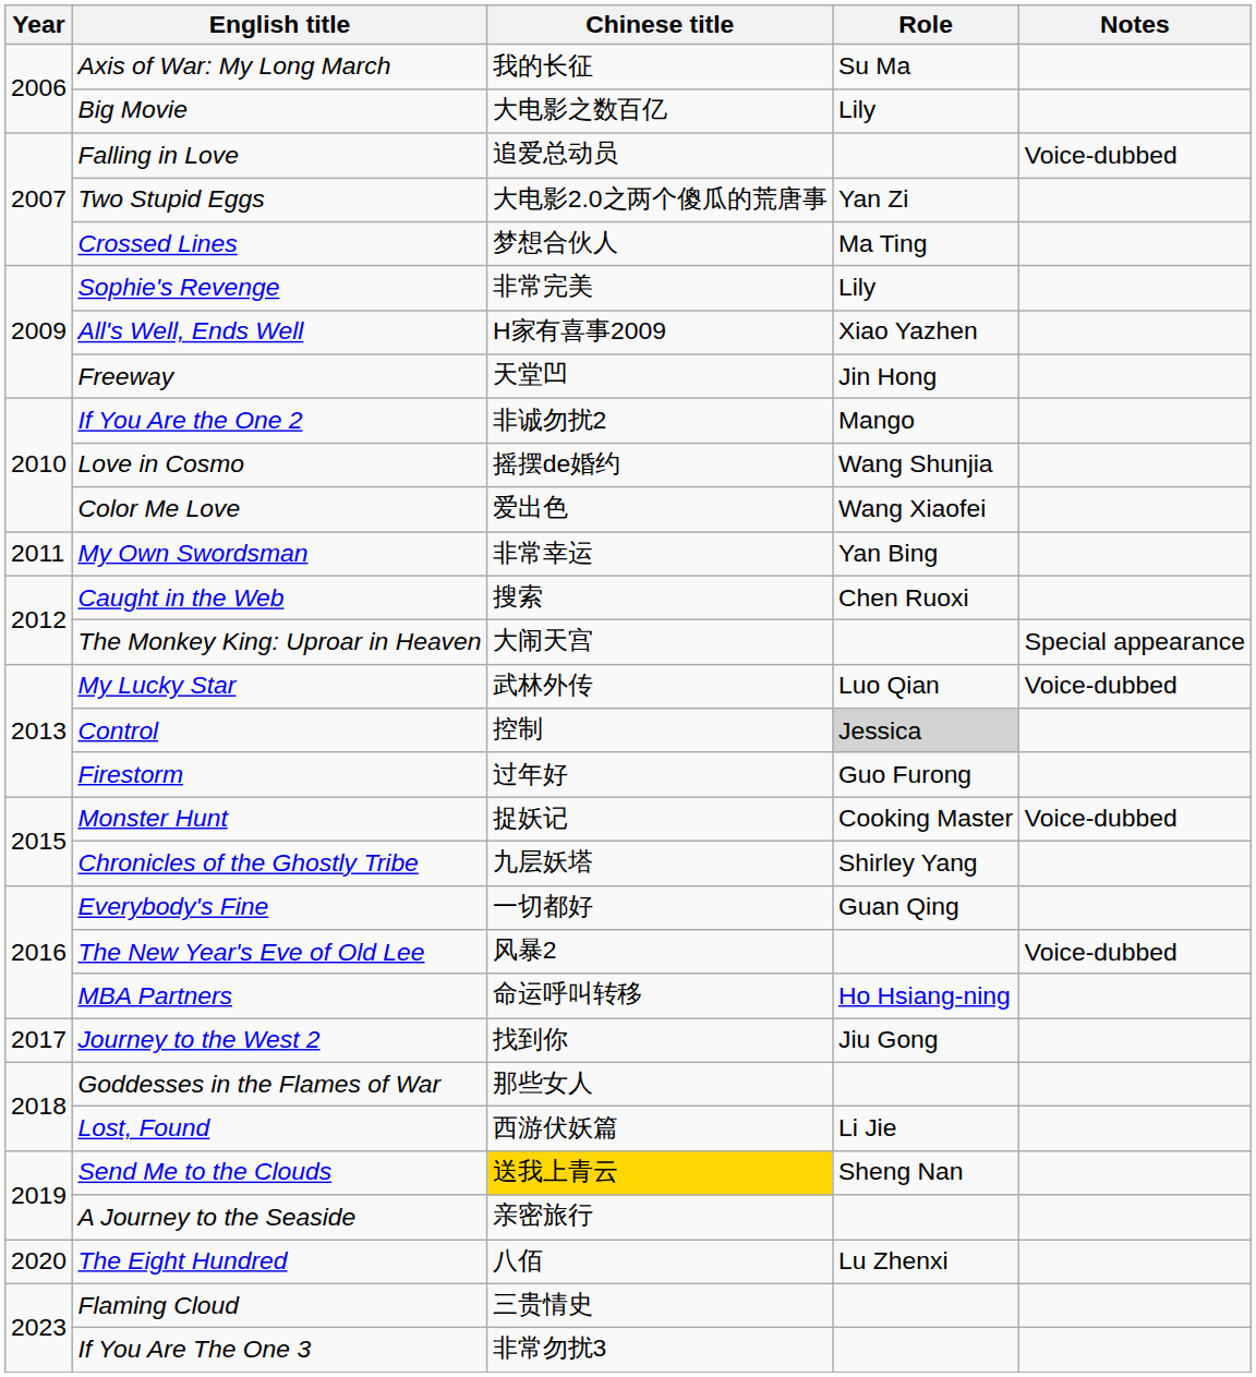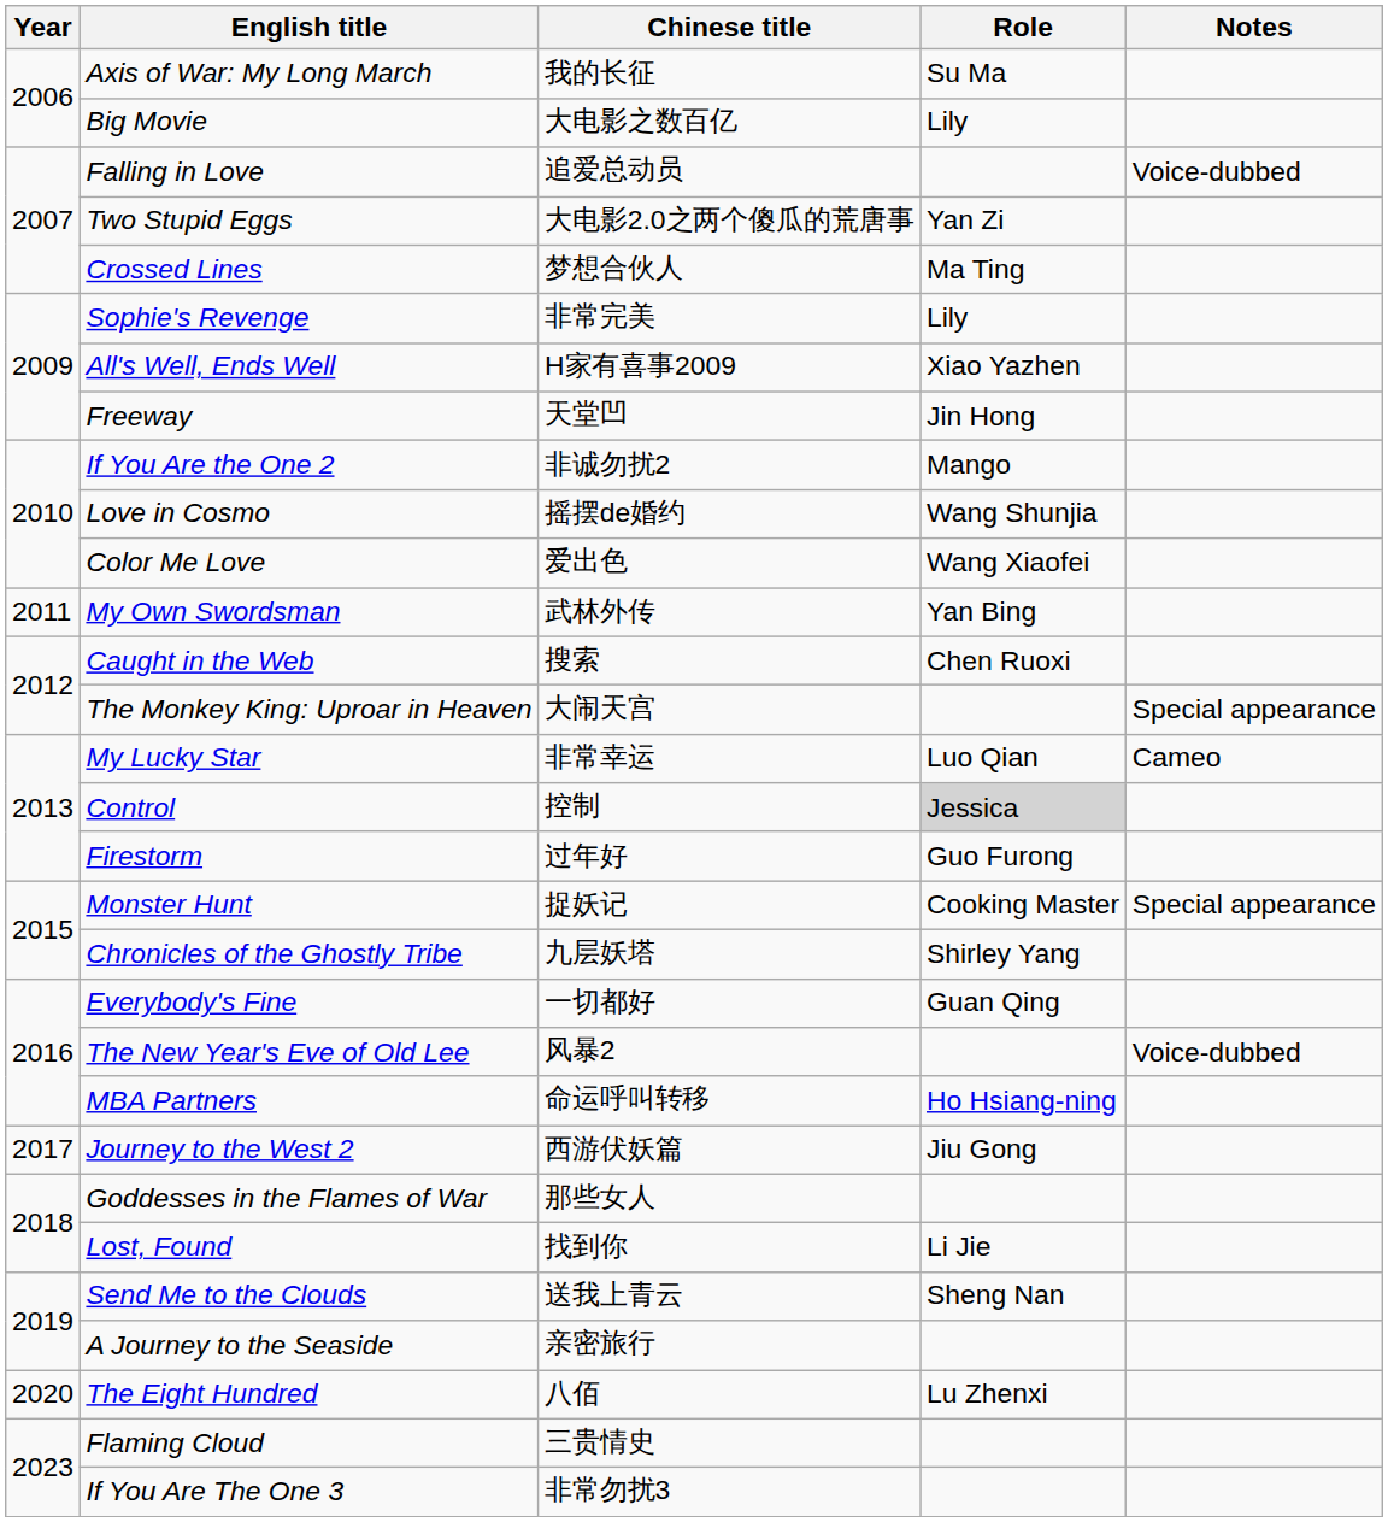 <table class="wikitable sortable">
 <tr>
 <th>Year</th>
 <th>English title</th>
 <th>Chinese title</th>
 <th>Role</th>
 <th>Notes</th>
 </tr>
 <tr>
 <td rowspan=2>2006</td>
 <td><em>Axis of War: My Long March</em></td>
 <td>我的长征</td>
 <td>Su Ma</td>
 <td></td>
 </tr>
 <tr>
 <td><em>Big Movie</em></td>
 <td>大电影之数百亿</td>
 <td>Lily</td>
 <td></td>
 </tr>
 <tr>
 <td rowspan=3>2007</td>
 <td><em>Falling in Love</em></td>
 <td>追爱总动员</td>
 <td></td>
 <td>Voice-dubbed</td>
 </tr>
 <tr>
 <td><em>Two Stupid Eggs</em></td>
 <td>大电影2.0之两个傻瓜的荒唐事</td>
 <td>Yan Zi</td>
 <td></td>
 </tr>
 <tr>
 <td><em><a href='#'>Crossed Lines</a></em></td>
 <td>梦想合伙人</td>
 <td>Ma Ting</td>
 <td></td>
 </tr>
 <tr>
 <td rowspan=3>2009</td>
 <td><em><a href='#'>Sophie's Revenge</a></em></td>
 <td>非常完美</td>
 <td>Lily</td>
 <td></td>
 </tr>
 <tr>
 <td><em><a href='#'>All's Well, Ends Well</a></em></td>
 <td>H家有喜事2009</td>
 <td>Xiao Yazhen</td>
 <td></td>
 </tr>
 <tr>
 <td><em>Freeway</em></td>
 <td>天堂凹</td>
 <td>Jin Hong</td>
 <td></td>
 </tr>
 <tr>
 <td rowspan=3>2010</td>
 <td><em><a href='#'>If You Are the One 2</a></em></td>
 <td>非诚勿扰2</td>
 <td>Mango</td>
 <td></td>
 </tr>
 <tr>
 <td><em>Love in Cosmo</em></td>
 <td>摇摆de婚约</td>
 <td>Wang Shunjia</td>
 <td></td>
 </tr>
 <tr>
 <td><em>Color Me Love</em></td>
 <td>爱出色</td>
 <td>Wang Xiaofei</td>
 <td></td>
 </tr>
 <tr>
 <td>2011</td>
 <td><em><a href='#'>My Own Swordsman</a></em></td>
-<td>非常幸运</td>
+<td>武林外传</td>
 <td>Yan Bing</td>
 <td></td>
 </tr>
 <tr>
 <td rowspan=2>2012</td>
 <td><em><a href='#'>Caught in the Web</a></em></td>
 <td>搜索</td>
 <td>Chen Ruoxi</td>
 <td></td>
 </tr>
 <tr>
 <td><em>The Monkey King: Uproar in Heaven</em></td>
 <td>大闹天宫</td>
 <td></td>
 <td>Special appearance</td>
 </tr>
 <tr>
 <td rowspan=3>2013</td>
 <td><em><a href='#'>My Lucky Star</a></em></td>
-<td>武林外传</td>
+<td>非常幸运</td>
 <td>Luo Qian</td>
-<td>Voice-dubbed</td>
+<td>Cameo</td>
 </tr>
 <tr>
 <td><em><a href='#'>Control</a></em></td>
 <td>控制</td>
 <td style="background: lightgrey;">Jessica</td>
 <td></td>
 </tr>
 <tr>
 <td><em><a href='#'>Firestorm</a></em></td>
 <td>过年好</td>
 <td>Guo Furong</td>
 <td></td>
 </tr>
 <tr>
 <td rowspan=2>2015</td>
 <td><em><a href='#'>Monster Hunt</a></em></td>
 <td>捉妖记</td>
 <td>Cooking Master</td>
-<td>Voice-dubbed</td>
+<td>Special appearance</td>
 </tr>
 <tr>
 <td><em><a href='#'>Chronicles of the Ghostly Tribe</a></em></td>
 <td>九层妖塔</td>
 <td>Shirley Yang</td>
 <td></td>
 </tr>
 <tr>
 <td rowspan=3>2016</td>
 <td><em><a href='#'>Everybody's Fine</a></em></td>
 <td>一切都好</td>
 <td>Guan Qing</td>
 <td></td>
 </tr>
 <tr>
 <td><em><a href='#'>The New Year's Eve of Old Lee</a></em></td>
 <td>风暴2</td>
 <td></td>
 <td>Voice-dubbed</td>
 </tr>
 <tr>
 <td><em><a href='#'>MBA Partners</a></em></td>
 <td>命运呼叫转移</td>
 <td><a href='#'>Ho Hsiang-ning</a></td>
 <td></td>
 </tr>
 <tr>
 <td>2017</td>
 <td><em><a href='#'>Journey to the West 2</a></em></td>
-<td>找到你</td>
+<td>西游伏妖篇</td>
 <td>Jiu Gong</td>
 <td></td>
 </tr>
 <tr>
 <td rowspan=2>2018</td>
 <td><em>Goddesses in the Flames of War</em></td>
 <td>那些女人</td>
 <td></td>
 <td></td>
 </tr>
 <tr>
 <td><em><a href='#'>Lost, Found</a></em></td>
-<td>西游伏妖篇</td>
+<td>找到你</td>
 <td>Li Jie</td>
 <td></td>
 </tr>
 <tr>
 <td rowspan=2>2019</td>
 <td><em><a href='#'>Send Me to the Clouds</a></em></td>
-<td style="background: gold;">送我上青云</td>
+<td>送我上青云</td>
 <td>Sheng Nan</td>
 <td></td>
 </tr>
 <tr>
 <td><em>A Journey to the Seaside</em></td>
 <td>亲密旅行</td>
 <td></td>
 <td></td>
 </tr>
 <tr>
 <td>2020</td>
 <td><em><a href='#'>The Eight Hundred</a></em></td>
 <td>八佰</td>
 <td>Lu Zhenxi</td>
 <td></td>
 </tr>
 <tr>
 <td rowspan="2">2023</td>
 <td><em>Flaming Cloud</em></td>
 <td>三贵情史</td>
 <td></td>
 <td></td>
 </tr>
 <tr>
 <td><em>If You Are The One 3</em></td>
 <td>非常勿扰3</td>
 <td></td>
 <td></td>
 </tr>
 <tr>
 </tr>
 </table>
